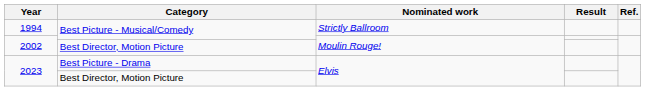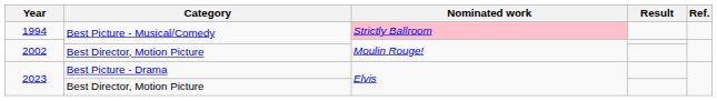 <table class=wikitable>
 <tr>
 <th scope="col" style="width:5em;">Year</th>
 <th scope="col" style="width:26em;">Category</th>
 <th scope="col" style="width:25em;">Nominated work</th>
 <th scope="col" style="width:5em;">Result</th>
 <th>Ref.</th>
 </tr>
 <tr>
 <td style="text-align:center;"><a href='#'>1994</a></td>
 <td rowspan=2><a href='#'>Best Picture - Musical/Comedy</a> </td>
-<td><em><a href='#'>Strictly Ballroom</a></em></td>
+<td style="background: pink;"><em><a href='#'>Strictly Ballroom</a></em></td>
 <td></td>
 <td></td>
 </tr>
 <tr>
 <td rowspan="2" style="text-align:center;"><a href='#'>2002</a></td>
 <td rowspan=2><em><a href='#'>Moulin Rouge!</a></em></td>
 <td></td>
 <td rowspan="2"></td>
 </tr>
 <tr>
 <td><a href='#'>Best Director, Motion Picture</a></td>
 <td></td>
 </tr>
 <tr>
 <td rowspan="2" style="text-align:center;"><a href='#'>2023</a></td>
 <td><a href='#'>Best Picture - Drama</a> </td>
 <td rowspan="2"><em><a href='#'>Elvis</a></em></td>
 <td></td>
 <td rowspan="2"></td>
 </tr>
 <tr>
 <td>Best Director, Motion Picture</td>
 <td></td>
 </tr>
 </table>
